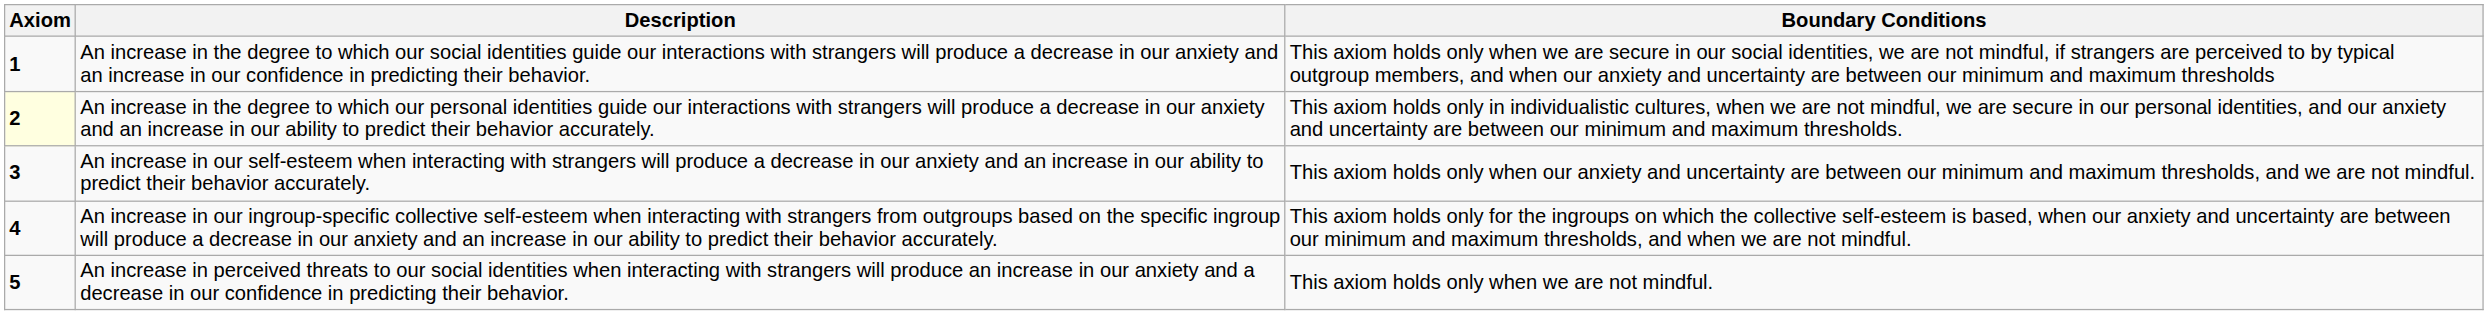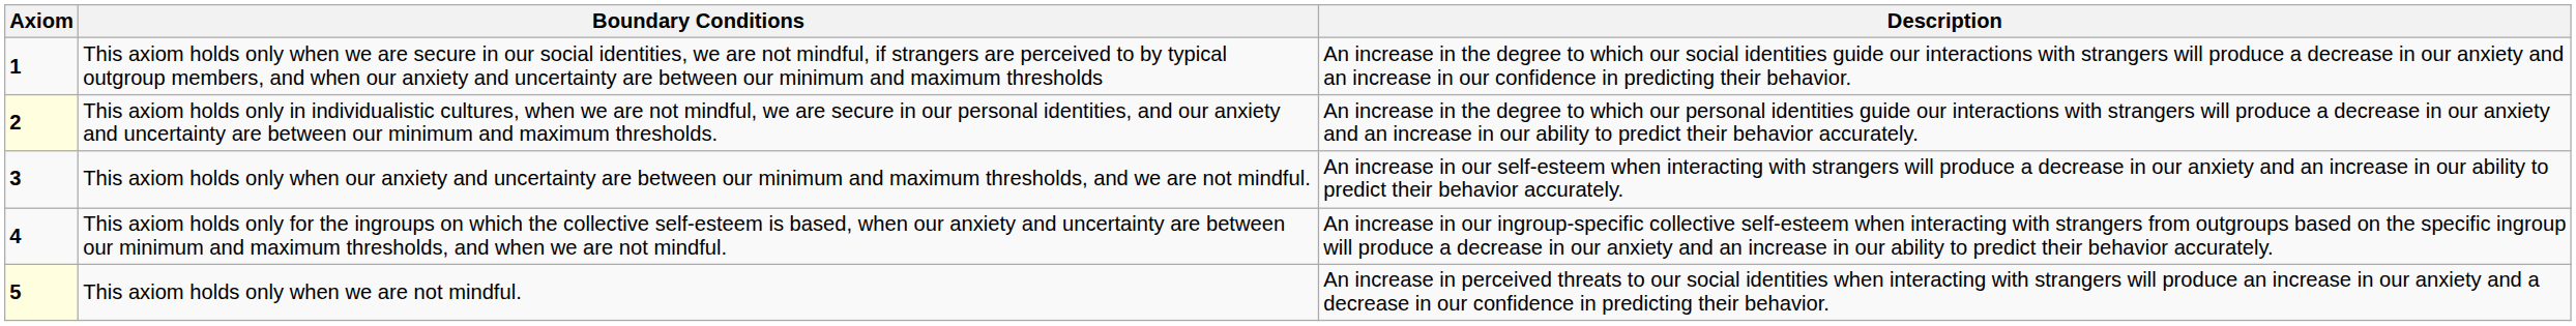 <table class="wikitable">
 <tr>
 <th>Axiom</th>
+<th>Boundary Conditions</th>
 <th>Description</th>
-<th>Boundary Conditions</th>
 </tr>
 <tr>
 <td><strong>1</strong></td>
+<td>This axiom holds only when we are secure in our social identities, we are not mindful, if strangers are perceived to by typical outgroup members, and when our anxiety and uncertainty are between our minimum and maximum thresholds</td>
 <td>An increase in the degree to which our social identities guide our interactions with strangers will produce a decrease in our anxiety and an increase in our confidence in predicting their behavior.</td>
-<td>This axiom holds only when we are secure in our social identities, we are not mindful, if strangers are perceived to by typical outgroup members, and when our anxiety and uncertainty are between our minimum and maximum thresholds</td>
 </tr>
 <tr>
 <td style="background: lightyellow;"><strong>2</strong></td>
+<td>This axiom holds only in individualistic cultures, when we are not mindful, we are secure in our personal identities, and our anxiety and uncertainty are between our minimum and maximum thresholds.</td>
 <td>An increase in the degree to which our personal identities guide our interactions with strangers will produce a decrease in our anxiety and an increase in our ability to predict their behavior accurately.</td>
-<td>This axiom holds only in individualistic cultures, when we are not mindful, we are secure in our personal identities, and our anxiety and uncertainty are between our minimum and maximum thresholds.</td>
 </tr>
 <tr>
 <td><strong>3</strong></td>
+<td>This axiom holds only when our anxiety and uncertainty are between our minimum and maximum thresholds, and we are not mindful.</td>
 <td>An increase in our self-esteem when interacting with strangers will produce a decrease in our anxiety and an increase in our ability to predict their behavior accurately.</td>
-<td>This axiom holds only when our anxiety and uncertainty are between our minimum and maximum thresholds, and we are not mindful.</td>
 </tr>
 <tr>
 <td><strong>4</strong></td>
+<td>This axiom holds only for the ingroups on which the collective self-esteem is based, when our anxiety and uncertainty are between our minimum and maximum thresholds, and when we are not mindful.</td>
 <td>An increase in our ingroup-specific collective self-esteem when interacting with strangers from outgroups based on the specific ingroup will produce a decrease in our anxiety and an increase in our ability to predict their behavior accurately.</td>
-<td>This axiom holds only for the ingroups on which the collective self-esteem is based, when our anxiety and uncertainty are between our minimum and maximum thresholds, and when we are not mindful.</td>
 </tr>
 <tr>
-<td><strong>5</strong></td>
+<td style="background: lightyellow;"><strong>5</strong></td>
+<td>This axiom holds only when we are not mindful.</td>
 <td>An increase in perceived threats to our social identities when interacting with strangers will produce an increase in our anxiety and a decrease in our confidence in predicting their behavior.</td>
-<td>This axiom holds only when we are not mindful.</td>
 </tr>
 </table>
